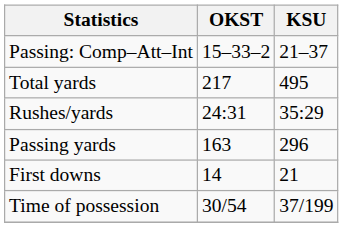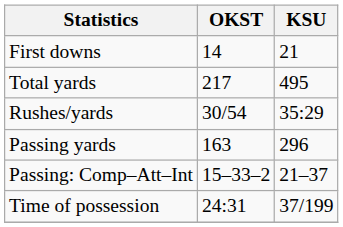 <table class="wikitable" style="float: left;">
 <tr>
 <th>Statistics</th>
 <th>OKST</th>
 <th>KSU</th>
 </tr>
 <tr>
-<td>Passing: Comp–Att–Int</td>
-<td>15–33–2</td>
-<td>21–37</td>
+<td>First downs</td>
+<td>14</td>
+<td>21</td>
 </tr>
 <tr>
 <td>Total yards</td>
 <td>217</td>
 <td>495</td>
 </tr>
 <tr>
 <td>Rushes/yards</td>
-<td>24:31</td>
+<td>30/54</td>
 <td>35:29</td>
 </tr>
 <tr>
 <td>Passing yards</td>
 <td>163</td>
 <td>296</td>
 </tr>
 <tr>
-<td>First downs</td>
-<td>14</td>
-<td>21</td>
+<td>Passing: Comp–Att–Int</td>
+<td>15–33–2</td>
+<td>21–37</td>
 </tr>
 <tr>
 <td>Time of possession</td>
-<td>30/54</td>
+<td>24:31</td>
 <td>37/199</td>
 </tr>
 <tr>
 </tr>
 </table>
